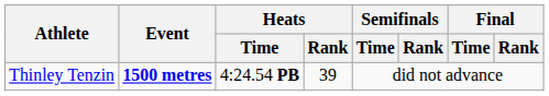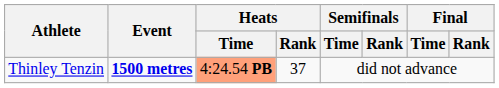 <table class=wikitable style="font-size:90%;">
 <tr>
 <th rowspan=2>Athlete</th>
 <th rowspan=2>Event</th>
 <th colspan=2>Heats</th>
 <th colspan=2>Semifinals</th>
 <th colspan=2>Final</th>
 </tr>
 <tr>
 <th>Time</th>
 <th>Rank</th>
 <th>Time</th>
 <th>Rank</th>
 <th>Time</th>
 <th>Rank</th>
 </tr>
 <tr>
 <td><a href='#'>Thinley Tenzin</a></td>
 <td><strong><a href='#'>1500 metres</a></strong></td>
-<td align="center">4:24.54 <strong>PB</strong></td>
-<td align="center">39</td>
+<td align="center" style="background: lightsalmon;">4:24.54 <strong>PB</strong></td>
+<td align="center">37</td>
 <td align="center" colspan=4>did not advance</td>
 </tr>
 </table>
